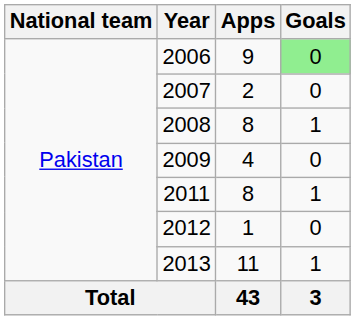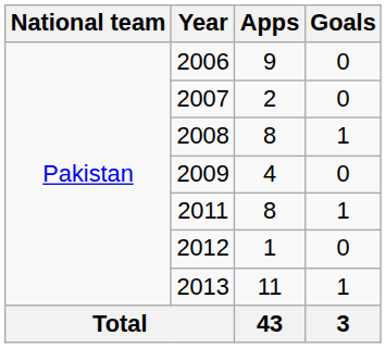 <table class="wikitable" style="text-align:center">
 <tr>
 <th>National team</th>
 <th>Year</th>
 <th>Apps</th>
 <th>Goals</th>
 </tr>
 <tr>
 <td rowspan="7"><a href='#'>Pakistan</a></td>
 <td>2006</td>
 <td>9</td>
-<td style="background: lightgreen;">0</td>
+<td>0</td>
 </tr>
 <tr>
 <td>2007</td>
 <td>2</td>
 <td>0</td>
 </tr>
 <tr>
 <td>2008</td>
 <td>8</td>
 <td>1</td>
 </tr>
 <tr>
 <td>2009</td>
 <td>4</td>
 <td>0</td>
 </tr>
 <tr>
 <td>2011</td>
 <td>8</td>
 <td>1</td>
 </tr>
 <tr>
 <td>2012</td>
 <td>1</td>
 <td>0</td>
 </tr>
 <tr>
 <td>2013</td>
 <td>11</td>
 <td>1</td>
 </tr>
 <tr>
 <th colspan="2">Total</th>
 <th>43</th>
 <th>3</th>
 </tr>
 </table>
